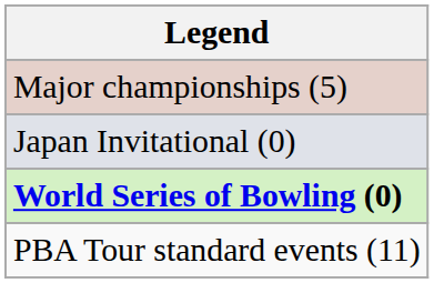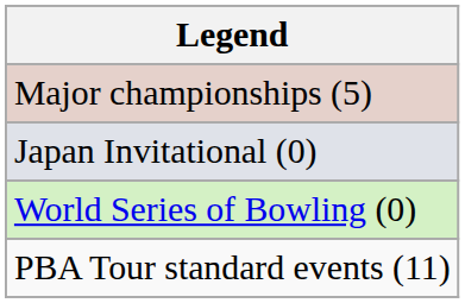 <table class="wikitable" style="font-size:95%;">
 <tr>
 <th>Legend</th>
 </tr>
 <tr style="background:#e5d1cb;">
 <td>Major championships (5)</td>
 </tr>
 <tr style="background:#dfe2e9;">
 <td>Japan Invitational (0)</td>
 </tr>
 <tr style="background:#d4f1c5;">
-<td><strong><a href='#'>World Series of Bowling</a> (0)</strong></td>
+<td><a href='#'>World Series of Bowling</a> (0)</td>
 </tr>
 <tr>
 <td>PBA Tour standard events (11)</td>
 </tr>
 </table>
